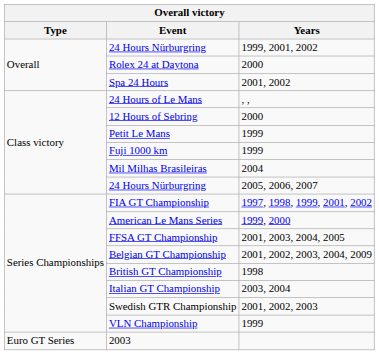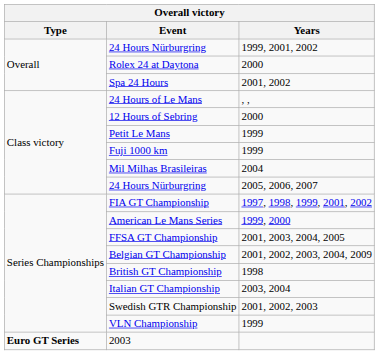 <table class="wikitable">
 <tr>
 <th colspan="3">Overall victory</th>
 </tr>
 <tr>
 <th>Type</th>
 <th>Event</th>
 <th>Years</th>
 </tr>
 <tr>
 <td rowspan="3">Overall</td>
 <td><a href='#'>24 Hours Nürburgring</a></td>
 <td>1999, 2001, 2002</td>
 </tr>
 <tr>
 <td><a href='#'>Rolex 24 at Daytona</a></td>
 <td>2000</td>
 </tr>
 <tr>
 <td><a href='#'>Spa 24 Hours</a></td>
 <td>2001, 2002</td>
 </tr>
 <tr>
 <td rowspan="6">Class victory</td>
 <td><a href='#'>24 Hours of Le Mans</a></td>
 <td>, , </td>
 </tr>
 <tr>
 <td><a href='#'>12 Hours of Sebring</a></td>
 <td>2000</td>
 </tr>
 <tr>
 <td><a href='#'>Petit Le Mans</a></td>
 <td>1999</td>
 </tr>
 <tr>
 <td><a href='#'>Fuji 1000 km</a></td>
 <td>1999</td>
 </tr>
 <tr>
 <td><a href='#'>Mil Milhas Brasileiras</a></td>
 <td>2004</td>
 </tr>
 <tr>
 <td><a href='#'>24 Hours Nürburgring</a></td>
 <td>2005, 2006, 2007</td>
 </tr>
 <tr>
 <td rowspan="8">Series Championships</td>
 <td><a href='#'>FIA GT Championship</a></td>
 <td><a href='#'>1997</a>, <a href='#'>1998</a>, <a href='#'>1999</a>, <a href='#'>2001</a>, <a href='#'>2002</a></td>
 </tr>
 <tr>
 <td><a href='#'>American Le Mans Series</a></td>
 <td><a href='#'>1999</a>, <a href='#'>2000</a></td>
 </tr>
 <tr>
 <td><a href='#'>FFSA GT Championship</a></td>
 <td>2001, 2003, 2004, 2005</td>
 </tr>
 <tr>
 <td><a href='#'>Belgian GT Championship</a></td>
 <td>2001, 2002, 2003, 2004, 2009</td>
 </tr>
 <tr>
 <td><a href='#'>British GT Championship</a></td>
 <td>1998</td>
 </tr>
 <tr>
 <td><a href='#'>Italian GT Championship</a></td>
 <td>2003, 2004</td>
 </tr>
 <tr>
 <td>Swedish GTR Championship</td>
 <td>2001, 2002, 2003</td>
 </tr>
 <tr>
 <td><a href='#'>VLN Championship</a></td>
 <td>1999</td>
 </tr>
 <tr>
-<td>Euro GT Series</td>
+<td><strong>Euro GT Series</strong></td>
 <td>2003</td>
 </tr>
 </table>
